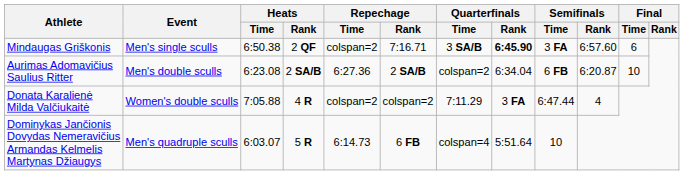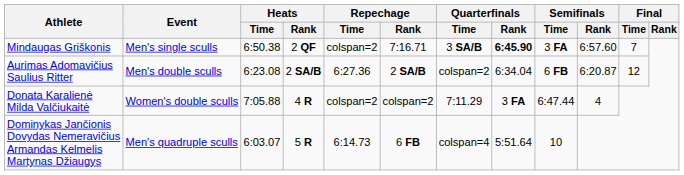 <table class="wikitable" style="font-size:90%">
 <tr>
 <th rowspan="2">Athlete</th>
 <th rowspan="2">Event</th>
 <th colspan="2">Heats</th>
 <th colspan="2">Repechage</th>
 <th colspan="2">Quarterfinals</th>
 <th colspan="2">Semifinals</th>
 <th colspan="2">Final</th>
 </tr>
 <tr style="font-size:95%">
 <th>Time</th>
 <th>Rank</th>
 <th>Time</th>
 <th>Rank</th>
 <th>Time</th>
 <th>Rank</th>
 <th>Time</th>
 <th>Rank</th>
 <th>Time</th>
 <th>Rank</th>
 </tr>
 <tr align=center>
 <td align=left><a href='#'>Mindaugas Griškonis</a></td>
 <td align=left><a href='#'>Men's single sculls</a></td>
 <td>6:50.38</td>
 <td>2 <strong>QF</strong></td>
 <td>colspan=2 </td>
 <td>7:16.71</td>
 <td>3 <strong>SA/B</strong></td>
 <td><strong>6:45.90</strong></td>
 <td>3 <strong>FA</strong></td>
 <td>6:57.60</td>
-<td>6</td>
+<td>7</td>
 </tr>
 <tr align=center>
 <td align=left><a href='#'>Aurimas Adomavičius</a><br><a href='#'>Saulius Ritter</a></td>
 <td align=left><a href='#'>Men's double sculls</a></td>
 <td>6:23.08</td>
 <td>2 <strong>SA/B</strong></td>
 <td>6:27.36</td>
 <td>2 <strong>SA/B</strong></td>
 <td>colspan=2 </td>
 <td>6:34.04</td>
 <td>6 <strong>FB</strong></td>
 <td>6:20.87</td>
-<td>10</td>
+<td>12</td>
 </tr>
 <tr align=center>
 <td align=left><a href='#'>Donata Karalienė</a><br><a href='#'>Milda Valčiukaitė</a></td>
 <td align=left><a href='#'>Women's double sculls</a></td>
 <td>7:05.88</td>
 <td>4 <strong>R</strong></td>
 <td>colspan=2 </td>
 <td>colspan=2 </td>
 <td>7:11.29</td>
 <td>3 <strong>FA</strong></td>
 <td>6:47.44</td>
 <td>4</td>
 </tr>
 <tr align=center>
 <td align=left><a href='#'>Dominykas Jančionis</a><br><a href='#'>Dovydas Nemeravičius</a><br><a href='#'>Armandas Kelmelis</a><br><a href='#'>Martynas Džiaugys</a></td>
 <td align=left><a href='#'>Men's quadruple sculls</a></td>
 <td>6:03.07</td>
 <td>5 <strong>R</strong></td>
 <td>6:14.73</td>
 <td>6 <strong>FB</strong></td>
 <td>colspan=4 </td>
 <td>5:51.64</td>
 <td>10</td>
 </tr>
 </table>
